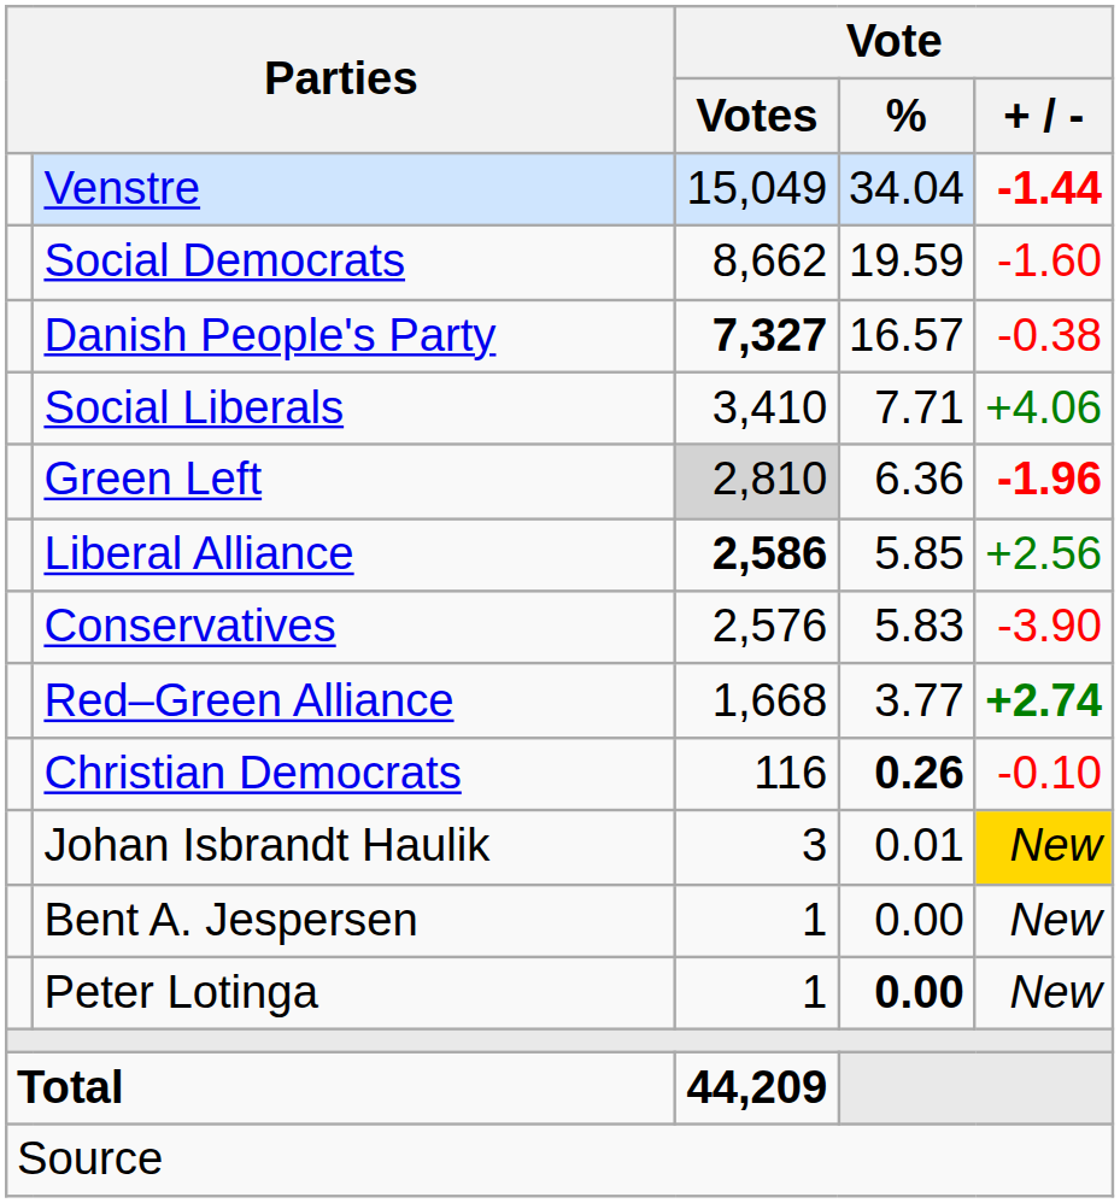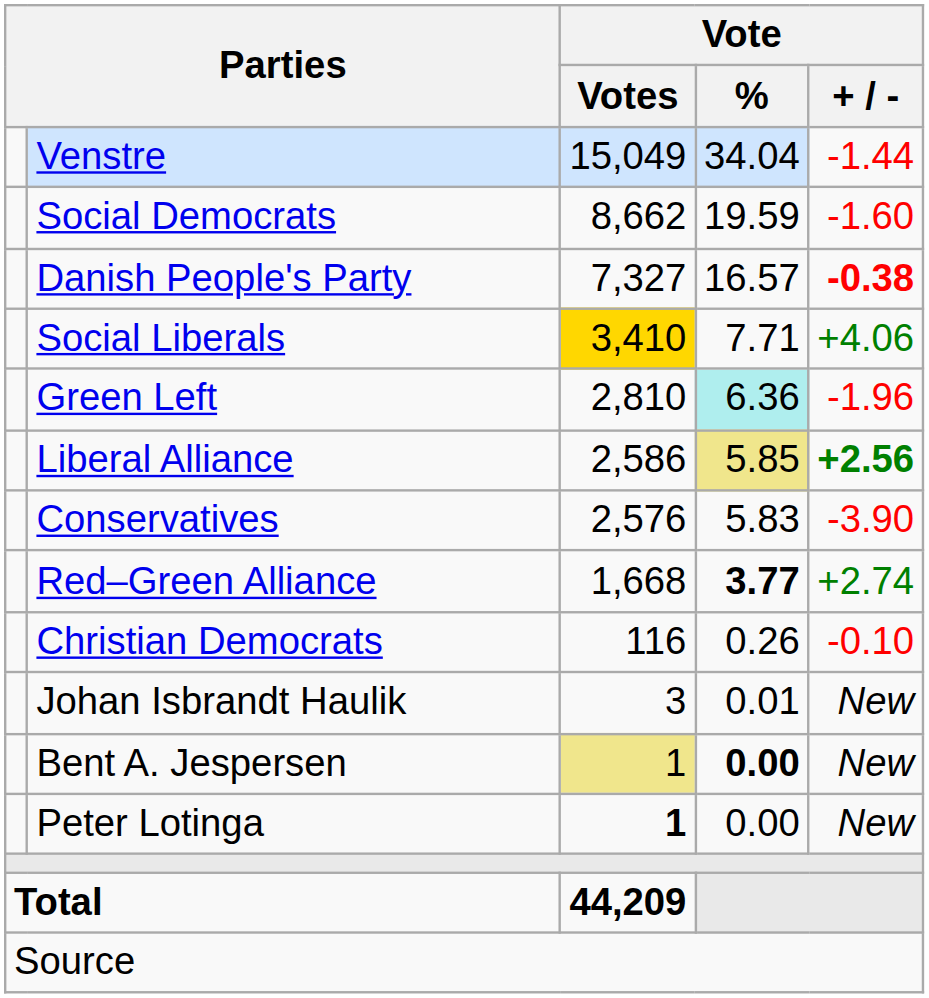 <table class="wikitable" style="text-align:right;">
 <tr>
 <th style="text-align:centre;" rowspan="2" colspan="2" width="225">Parties</th>
 <th colspan="3">Vote</th>
 </tr>
 <tr>
 <th width="15">Votes</th>
 <th width="15">%</th>
 <th width="15">+ / -</th>
 </tr>
 <tr>
 <td width="2" style="color:inherit;background:"></td>
 <td bgcolor=#cfe5fe  align="left"><a href='#'>Venstre</a></td>
 <td bgcolor=#cfe5fe>15,049</td>
 <td bgcolor=#cfe5fe>34.04</td>
-<td style=color:red;><strong>-1.44</strong></td>
+<td style=color:red;>-1.44</td>
 </tr>
 <tr>
 <td width="2" style="color:inherit;background:"></td>
 <td align="left"><a href='#'>Social Democrats</a></td>
 <td>8,662</td>
 <td>19.59</td>
 <td style=color:red;>-1.60</td>
 </tr>
 <tr>
 <td width="2" style="color:inherit;background:"></td>
 <td align="left"><a href='#'>Danish People's Party</a></td>
-<td><strong>7,327</strong></td>
+<td>7,327</td>
 <td>16.57</td>
-<td style=color:red;>-0.38</td>
+<td style=color:red;><strong>-0.38</strong></td>
 </tr>
 <tr>
 <td width="2" style="color:inherit;background:"></td>
 <td align="left"><a href='#'>Social Liberals</a></td>
-<td>3,410</td>
+<td style="background: gold;">3,410</td>
 <td>7.71</td>
 <td style=color:green;>+4.06</td>
 </tr>
 <tr>
 <td width="2" style="color:inherit;background:"></td>
 <td align="left"><a href='#'>Green Left</a></td>
-<td style="background: lightgrey;">2,810</td>
-<td>6.36</td>
-<td style=color:red;><strong>-1.96</strong></td>
+<td>2,810</td>
+<td style="background: paleturquoise;">6.36</td>
+<td style=color:red;>-1.96</td>
 </tr>
 <tr>
 <td width="2" style="color:inherit;background:"></td>
 <td align="left"><a href='#'>Liberal Alliance</a></td>
-<td><strong>2,586</strong></td>
-<td>5.85</td>
-<td style=color:green;>+2.56</td>
+<td>2,586</td>
+<td style="background: khaki;">5.85</td>
+<td style=color:green;><strong>+2.56</strong></td>
 </tr>
 <tr>
 <td width="2" style="color:inherit;background:"></td>
 <td align="left"><a href='#'>Conservatives</a></td>
 <td>2,576</td>
 <td>5.83</td>
 <td style=color:red;>-3.90</td>
 </tr>
 <tr>
 <td width="2" style="color:inherit;background:"></td>
 <td align="left"><a href='#'>Red–Green Alliance</a></td>
 <td>1,668</td>
-<td>3.77</td>
-<td style=color:green;><strong>+2.74</strong></td>
+<td><strong>3.77</strong></td>
+<td style=color:green;>+2.74</td>
 </tr>
 <tr>
 <td width="2" style="color:inherit;background:"></td>
 <td align="left"><a href='#'>Christian Democrats</a></td>
 <td>116</td>
-<td><strong>0.26</strong></td>
+<td>0.26</td>
 <td style=color:red;>-0.10</td>
 </tr>
 <tr>
 <td width="2" style="color:inherit;background:"></td>
 <td align="left">Johan Isbrandt Haulik</td>
 <td>3</td>
 <td>0.01</td>
-<td style="background: gold;"><em>New</em></td>
+<td><em>New</em></td>
 </tr>
 <tr>
 <td width="2" style="color:inherit;background:"></td>
 <td align="left">Bent A. Jespersen</td>
-<td>1</td>
-<td>0.00</td>
+<td style="background: khaki;">1</td>
+<td><strong>0.00</strong></td>
 <td><em>New</em></td>
 </tr>
 <tr>
 <td width="2" style="color:inherit;background:"></td>
 <td align="left">Peter Lotinga</td>
-<td>1</td>
-<td><strong>0.00</strong></td>
+<td><strong>1</strong></td>
+<td>0.00</td>
 <td><em>New</em></td>
 </tr>
 <tr>
 <td colspan="7" bgcolor="#E9E9E9"></td>
 </tr>
 <tr>
 <td align="left" colspan="2"><strong>Total</strong></td>
 <td><strong>44,209</strong></td>
 <td bgcolor="#E9E9E9" colspan="2"></td>
 </tr>
 <tr>
 <td align="left" colspan="6">Source</td>
 </tr>
 </table>
